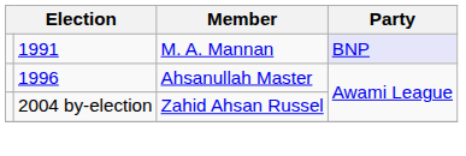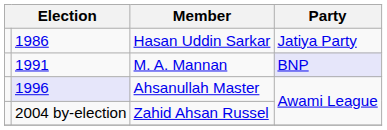 <table class="wikitable">
 <tr>
 <th colspan="2">Election</th>
 <th>Member</th>
 <th>Party</th>
+</tr>
+<tr>
+<td style="background-color:"></td>
+<td><a href='#'>1986</a></td>
+<td><a href='#'>Hasan Uddin Sarkar</a></td>
+<td><a href='#'>Jatiya Party</a></td>
 </tr>
 <tr>
 <td style="background-color:"></td>
 <td><a href='#'>1991</a></td>
 <td><a href='#'>M. A. Mannan</a></td>
 <td style="background: lavender;"><a href='#'>BNP</a></td>
 </tr>
 <tr>
 <td style="background-color:"></td>
-<td><a href='#'>1996</a></td>
+<td style="background: lavender;"><a href='#'>1996</a></td>
 <td><a href='#'>Ahsanullah Master</a></td>
 <td rowspan="2"><a href='#'>Awami League</a></td>
 </tr>
 <tr>
 <td style="background-color:"></td>
 <td>2004 by-election</td>
 <td><a href='#'>Zahid Ahsan Russel</a></td>
 </tr>
 <tr>
 </tr>
 </table>
